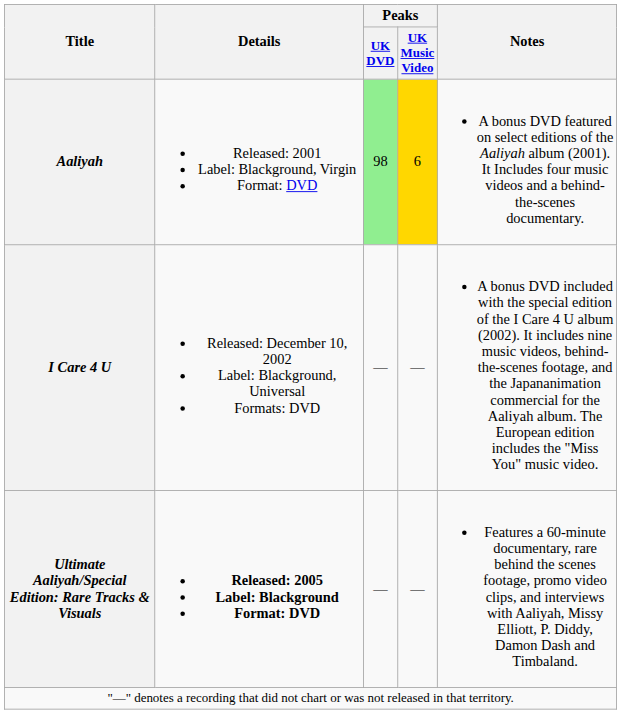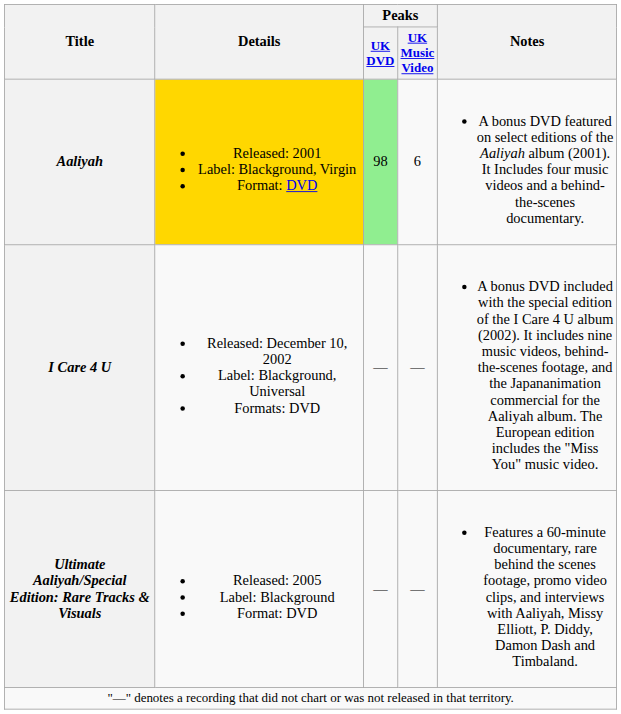 <table class="wikitable plainrowheaders" style="text-align:center;">
 <tr>
 <th scope="col" rowspan="2" style="width:10em;">Title</th>
 <th scope="col" rowspan="2" style="width:14em;">Details</th>
 <th scope="col" colspan="2">Peaks</th>
 <th scope="col" rowspan="2" style="width:12em;">Notes</th>
 </tr>
 <tr>
 <th scope="col" style="width:1.5em;font-size:90%;"><a href='#'>UK DVD</a><br></th>
 <th scope="col" style="width:1.5em;font-size:90%;"><a href='#'>UK Music Video</a><br></th>
 </tr>
 <tr>
 <th scope="row"><em>Aaliyah</em></th>
-<td><br><ul><li>Released: 2001</li><li>Label: Blackground, Virgin</li><li>Format: <a href='#'>DVD</a></li></ul></td>
+<td style="background: gold;"><br><ul><li>Released: 2001</li><li>Label: Blackground, Virgin</li><li>Format: <a href='#'>DVD</a></li></ul></td>
 <td style="background: lightgreen;">98</td>
-<td style="background: gold;">6</td>
+<td>6</td>
 <td><br><ul><li>A bonus DVD featured on select editions of the <em>Aaliyah</em> album (2001). It Includes four music videos and a behind-the-scenes documentary.</li></ul></td>
 </tr>
 <tr>
 <th scope="row"><em>I Care 4 U</em></th>
 <td><br><ul><li>Released: December 10, 2002</li><li>Label: Blackground, Universal</li><li>Formats: DVD</li></ul></td>
 <td>—</td>
 <td>—</td>
 <td><br><ul><li>A bonus DVD included with the special edition of the I Care 4 U album (2002). It includes nine music videos, behind-the-scenes footage, and the Japananimation commercial for the Aaliyah album. The European edition includes the "Miss You" music video.</li></ul></td>
 </tr>
 <tr>
 <th scope="row"><em>Ultimate Aaliyah/Special Edition: Rare Tracks & Visuals</em></th>
-<td><strong><br><ul><li>Released: 2005</li><li>Label: Blackground</li><li>Format: DVD</li></ul></strong></td>
+<td><br><ul><li>Released: 2005</li><li>Label: Blackground</li><li>Format: DVD</li></ul></td>
 <td>—</td>
 <td>—</td>
 <td><br><ul><li>Features a 60-minute documentary, rare behind the scenes footage, promo video clips, and interviews with Aaliyah, Missy Elliott, P. Diddy, Damon Dash and Timbaland.</li></ul></td>
 </tr>
 <tr>
 <td colspan="6" style="font-size:90%">"—" denotes a recording that did not chart or was not released in that territory.</td>
 </tr>
 </table>
